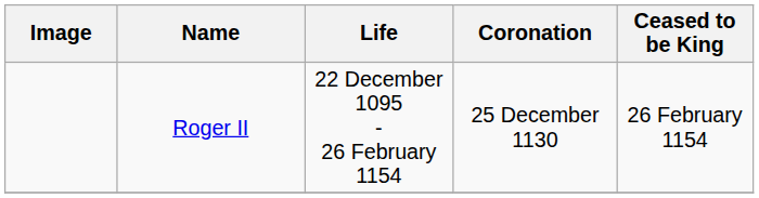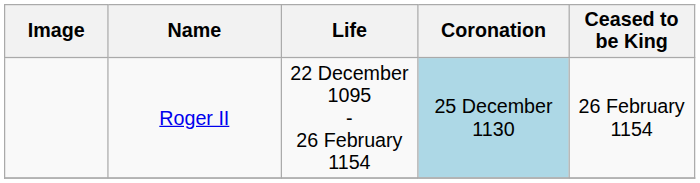 <table width=90% class="wikitable">
 <tr>
 <th width=8%>Image</th>
 <th width=15%>Name</th>
 <th width=8%>Life</th>
 <th width=8%>Coronation</th>
 <th width=8%>Ceased to be King</th>
 </tr>
 <tr>
 <td align="center"></td>
 <td align="center"><a href='#'>Roger II</a></td>
 <td align="center">22 December 1095<br>-<br>26 February 1154</td>
-<td align="center">25 December 1130</td>
+<td align="center" style="background: lightblue;">25 December 1130</td>
 <td align="center">26 February 1154</td>
 </tr>
 <tr>
 </tr>
 </table>
